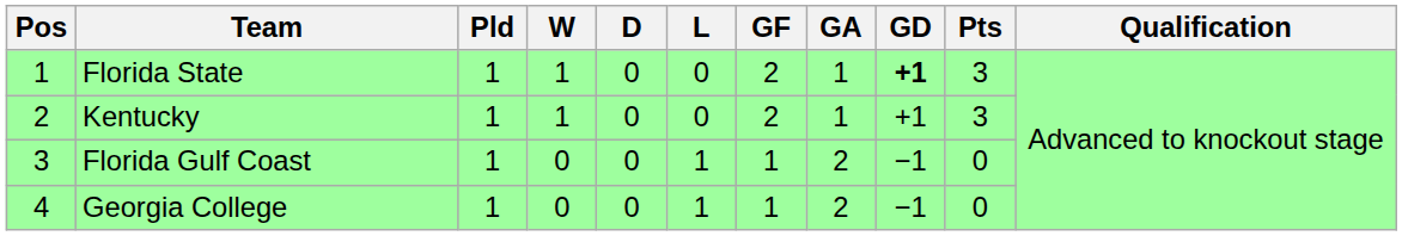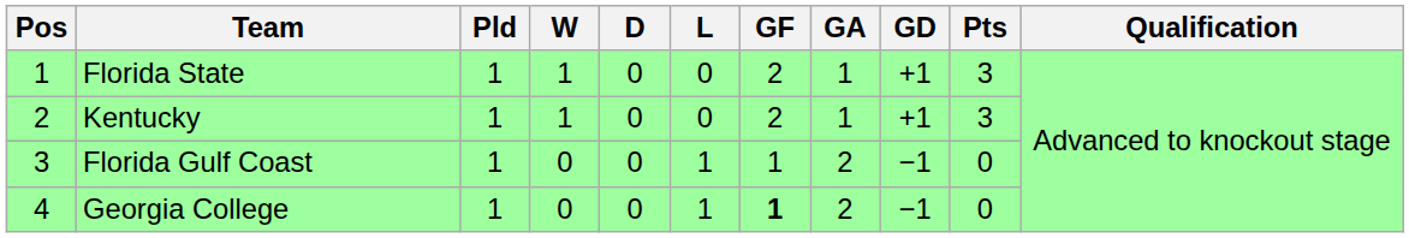 <table class="wikitable" style="text-align:center; margin: 1em auto">
 <tr>
 <th style="width:2em">Pos</th>
 <th style="width:13em">Team</th>
 <th style="width:2em">Pld</th>
 <th style="width:2em">W</th>
 <th style="width:2em">D</th>
 <th style="width:2em">L</th>
 <th style="width:2em">GF</th>
 <th style="width:2em">GA</th>
 <th style="width:2em">GD</th>
 <th style="width:2em">Pts</th>
 <th style="width:13em">Qualification</th>
 </tr>
 <tr bgcolor="#9eff9e">
 <td>1</td>
 <td style="text-align:left">Florida State</td>
 <td>1</td>
 <td>1</td>
 <td>0</td>
 <td>0</td>
 <td>2</td>
 <td>1</td>
-<td><strong>+1</strong></td>
+<td>+1</td>
 <td>3</td>
 <td rowspan="4">Advanced to knockout stage</td>
 </tr>
 <tr bgcolor="#9eff9e">
 <td>2</td>
 <td style="text-align:left">Kentucky</td>
 <td>1</td>
 <td>1</td>
 <td>0</td>
 <td>0</td>
 <td>2</td>
 <td>1</td>
 <td>+1</td>
 <td>3</td>
 </tr>
 <tr bgcolor="#9eff9e">
 <td>3</td>
 <td style="text-align:left">Florida Gulf Coast</td>
 <td>1</td>
 <td>0</td>
 <td>0</td>
 <td>1</td>
 <td>1</td>
 <td>2</td>
 <td>−1</td>
 <td>0</td>
 </tr>
 <tr bgcolor="#9eff9e">
 <td>4</td>
 <td style="text-align:left">Georgia College</td>
 <td>1</td>
 <td>0</td>
 <td>0</td>
 <td>1</td>
-<td>1</td>
+<td><strong>1</strong></td>
 <td>2</td>
 <td>−1</td>
 <td>0</td>
 </tr>
 </table>
